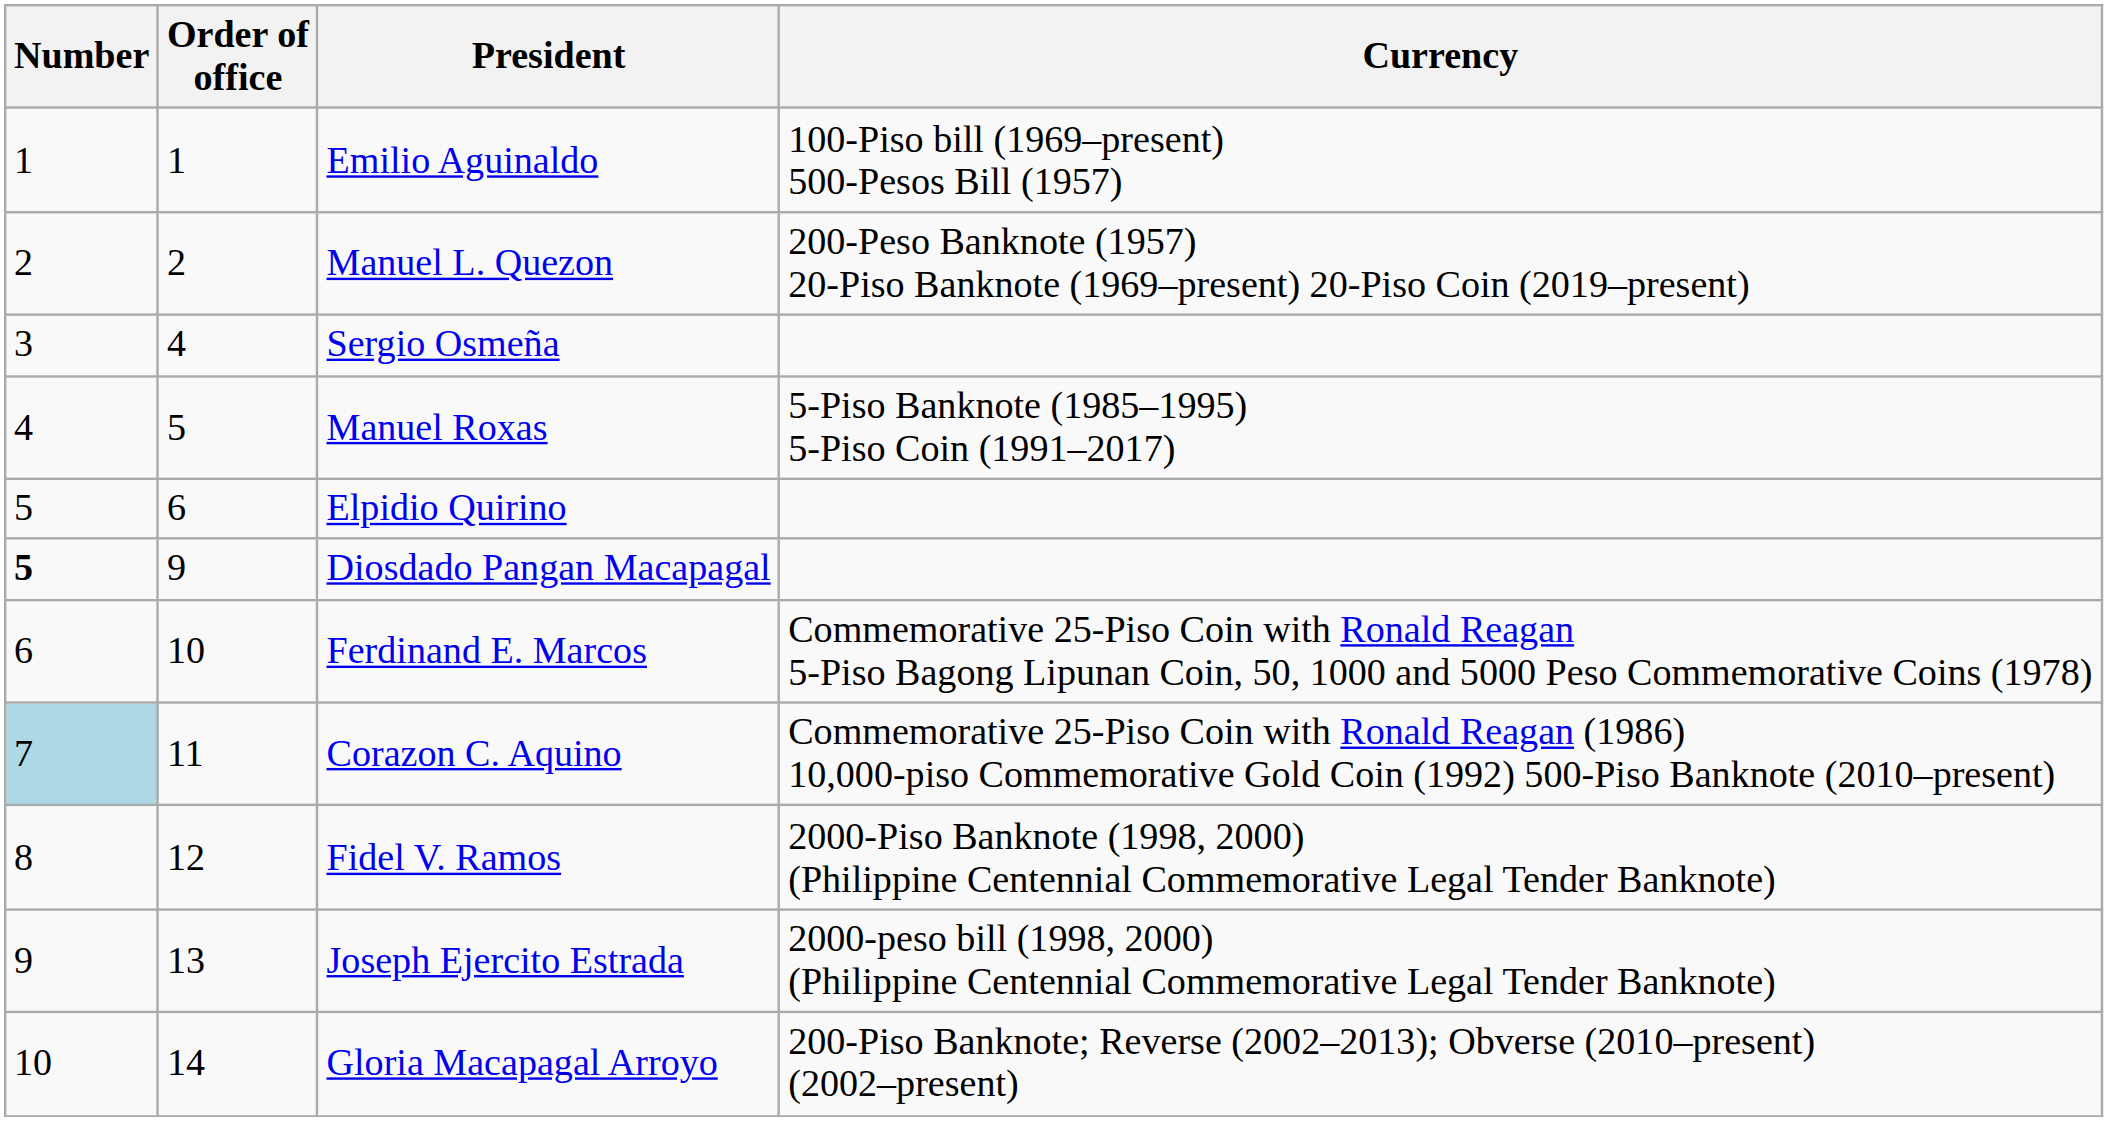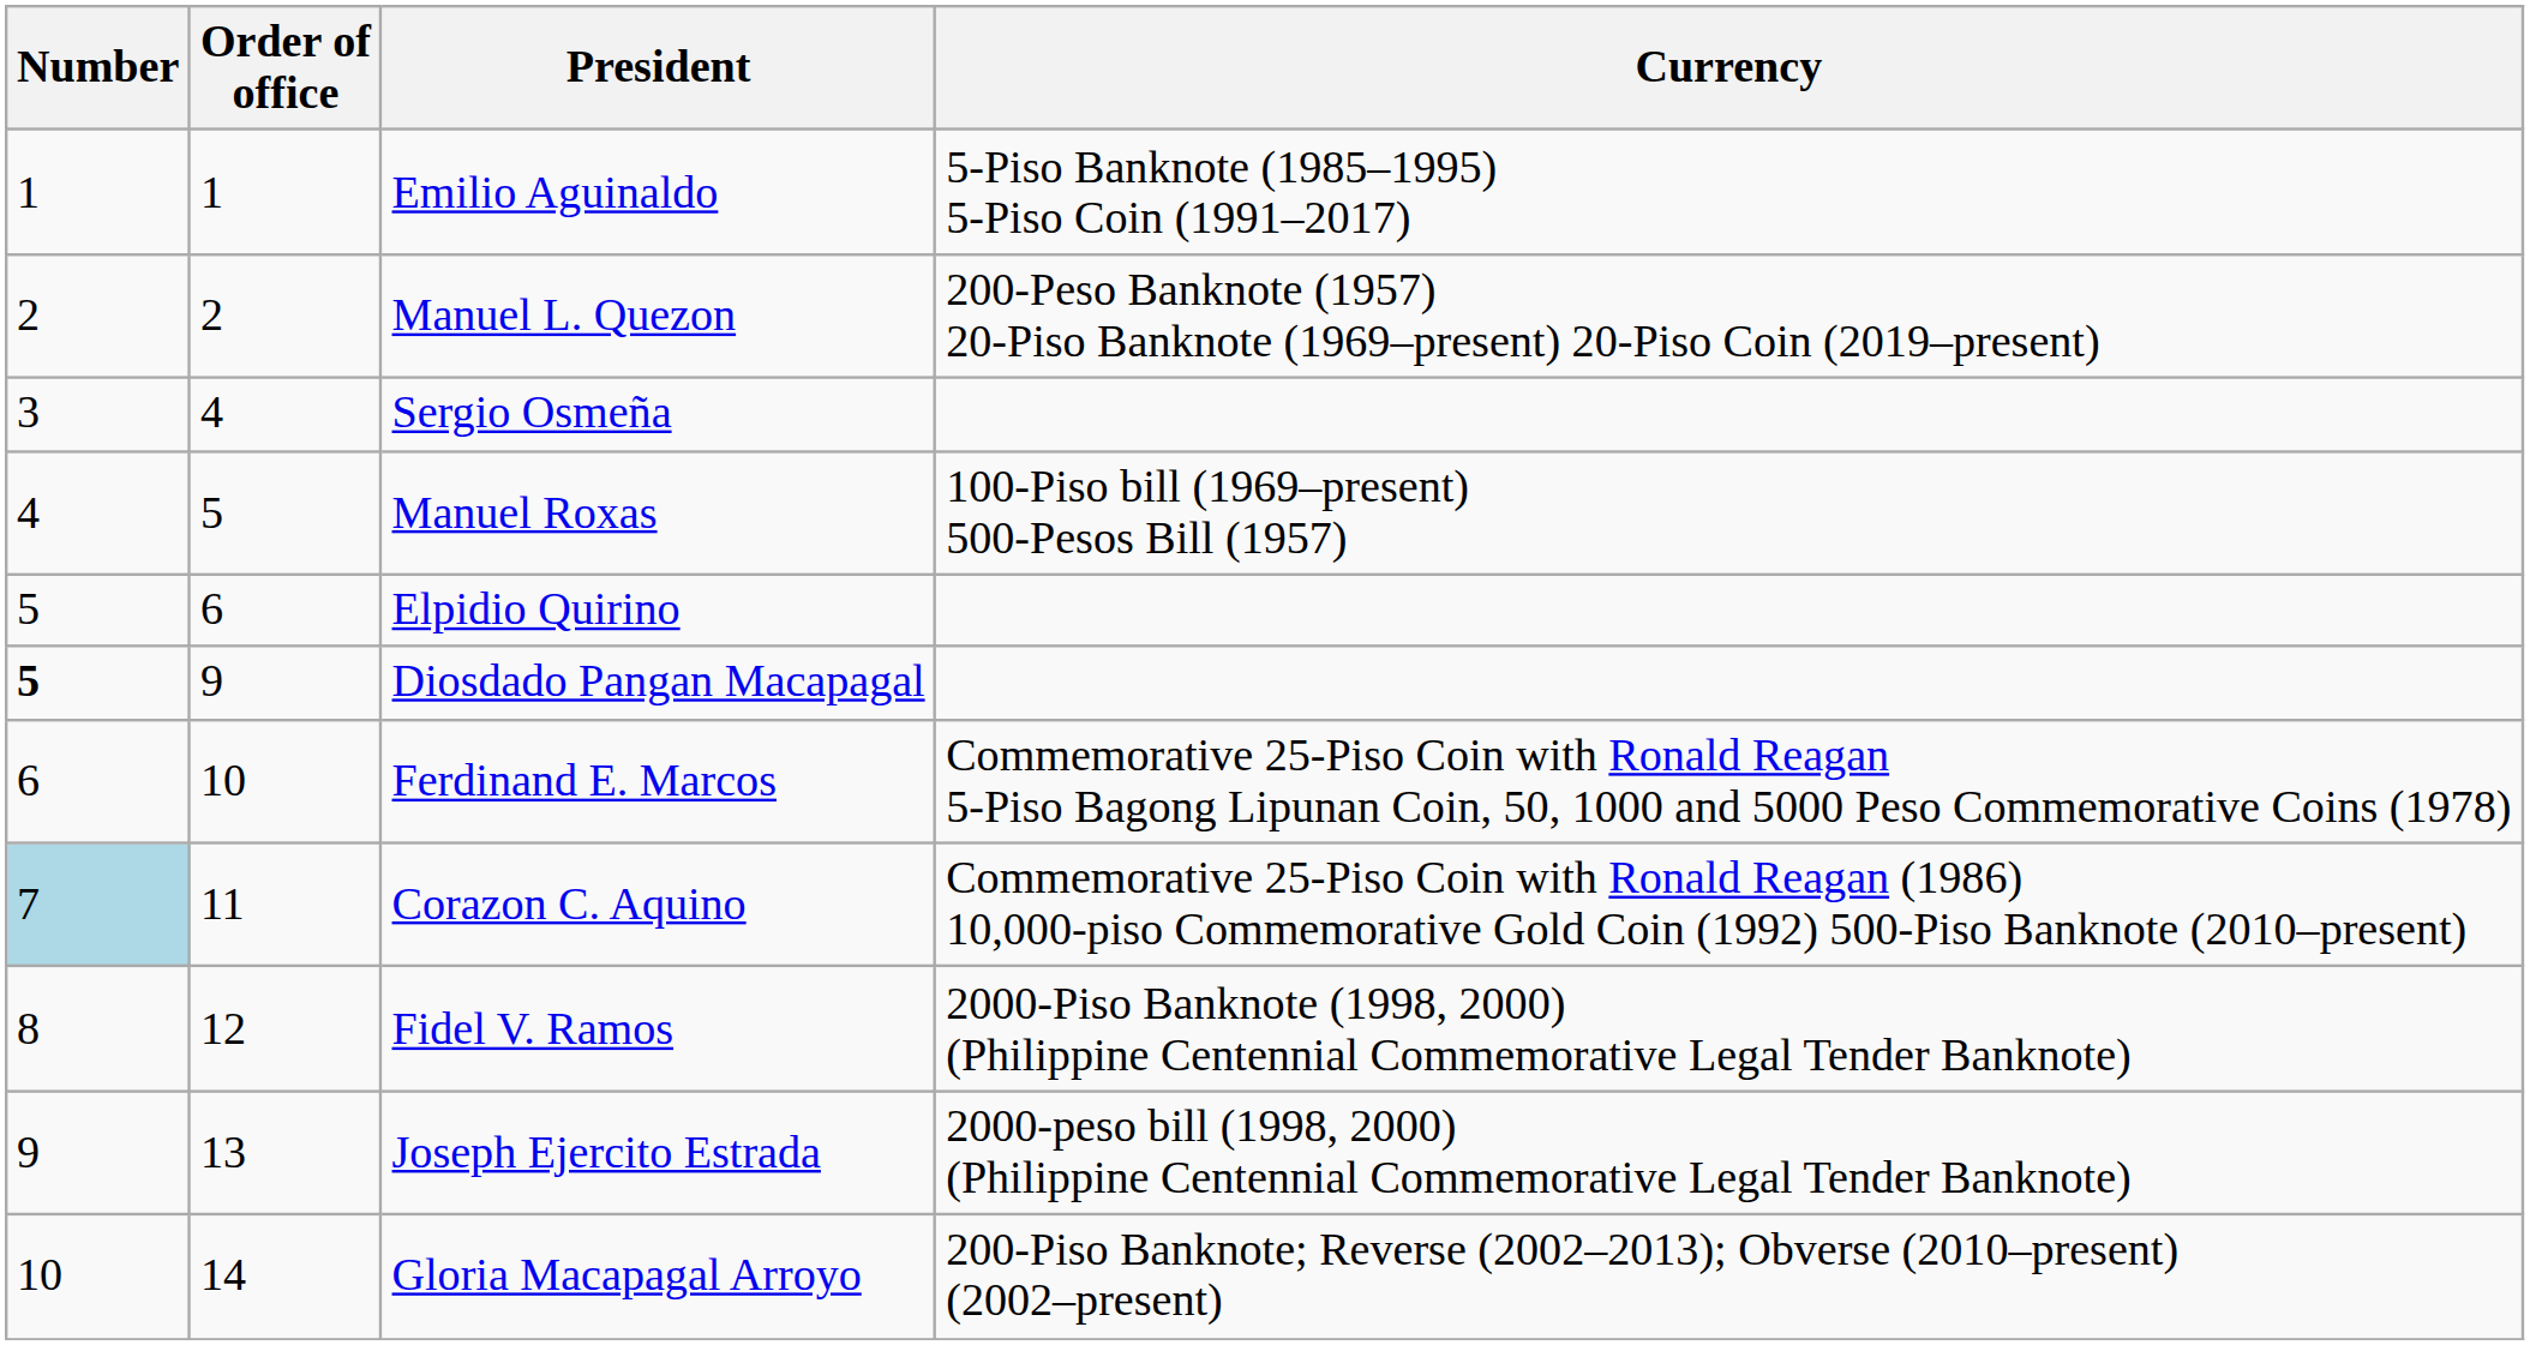 <table class="wikitable">
 <tr>
 <th>Number</th>
 <th>Order of<br>office</th>
 <th>President</th>
 <th>Currency</th>
 </tr>
 <tr>
 <td>1</td>
 <td>1</td>
 <td><a href='#'>Emilio Aguinaldo</a></td>
-<td><div> 100-Piso bill (1969–present)<br>500-Pesos Bill (1957) </div></td>
+<td><div>5-Piso Banknote (1985–1995)<br>5-Piso Coin (1991–2017) </div></td>
 </tr>
 <tr>
 <td>2</td>
 <td>2</td>
 <td><a href='#'>Manuel L. Quezon</a></td>
 <td><div>200-Peso Banknote (1957)<br>20-Piso Banknote (1969–present) 20-Piso Coin (2019–present)</div></td>
 </tr>
 <tr>
 <td>3</td>
 <td>4</td>
 <td><a href='#'>Sergio Osmeña</a></td>
 <td></td>
 </tr>
 <tr>
 <td>4</td>
 <td>5</td>
 <td><a href='#'>Manuel Roxas</a></td>
-<td><div>5-Piso Banknote (1985–1995)<br>5-Piso Coin (1991–2017) </div></td>
+<td><div> 100-Piso bill (1969–present)<br>500-Pesos Bill (1957) </div></td>
 </tr>
 <tr>
 <td>5</td>
 <td 6>6</td>
 <td><a href='#'>Elpidio Quirino</a></td>
 <td></td>
 </tr>
 <tr>
 <td><strong>5</strong></td>
 <td>9</td>
 <td><a href='#'>Diosdado Pangan Macapagal</a></td>
 <td></td>
 </tr>
 <tr>
 <td>6</td>
 <td>10</td>
 <td><a href='#'>Ferdinand E. Marcos</a></td>
 <td><div>Commemorative 25-Piso Coin with <a href='#'>Ronald Reagan</a><br> 5-Piso Bagong Lipunan Coin, 50, 1000 and 5000 Peso Commemorative Coins (1978)</div></td>
 </tr>
 <tr>
 <td style="background: lightblue;">7</td>
 <td>11</td>
 <td><a href='#'>Corazon C. Aquino</a></td>
 <td><div> Commemorative 25-Piso Coin with <a href='#'>Ronald Reagan</a> (1986)<br>10,000-piso Commemorative Gold Coin (1992) 500-Piso Banknote (2010–present)</div></td>
 </tr>
 <tr>
 <td>8</td>
 <td>12</td>
 <td><a href='#'>Fidel V. Ramos</a></td>
 <td><div> 2000-Piso Banknote (1998, 2000)<br>(Philippine Centennial Commemorative Legal Tender Banknote) </div></td>
 </tr>
 <tr>
 <td>9</td>
 <td>13</td>
 <td><a href='#'>Joseph Ejercito Estrada</a></td>
 <td><div> 2000-peso bill (1998, 2000)<br>(Philippine Centennial Commemorative Legal Tender Banknote) </div></td>
 </tr>
 <tr>
 <td>10</td>
 <td>14</td>
 <td><a href='#'>Gloria Macapagal Arroyo</a></td>
 <td><div>200-Piso Banknote; Reverse (2002–2013); Obverse (2010–present)<br>(2002–present) </div></td>
 </tr>
 <tr>
 </tr>
 </table>
